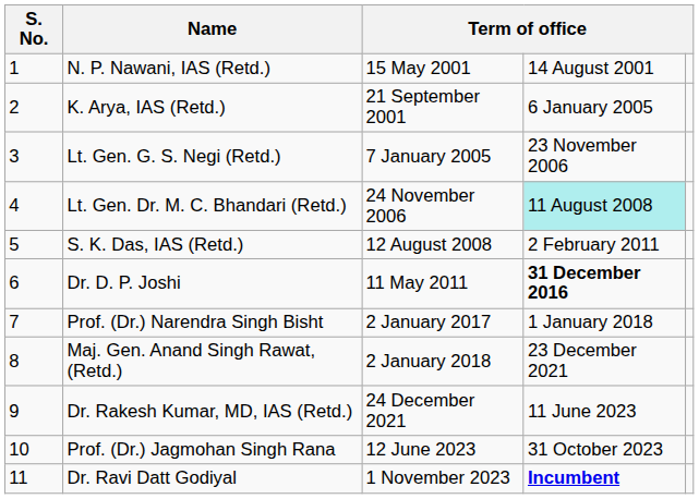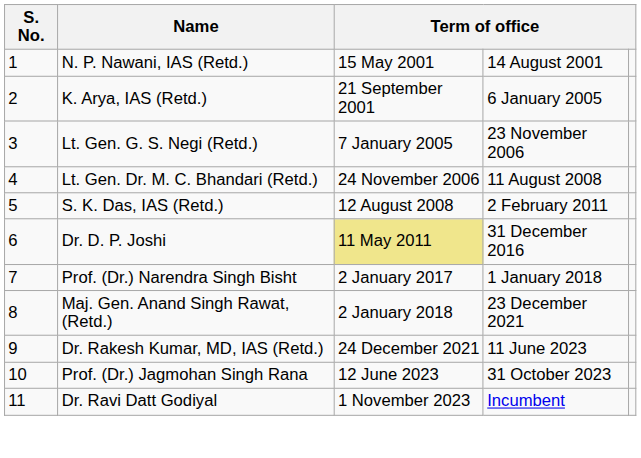 <table class="wikitable" ;">
 <tr>
 <th>S. No.</th>
 <th>Name</th>
 <th colspan="3">Term of office</th>
 </tr>
 <tr>
 <td>1</td>
 <td>N. P. Nawani, IAS (Retd.)</td>
 <td>15 May 2001</td>
 <td>14 August 2001</td>
 <td></td>
 </tr>
 <tr>
 <td>2</td>
 <td>K. Arya, IAS (Retd.)</td>
 <td>21 September 2001</td>
 <td>6 January 2005</td>
 <td></td>
 </tr>
 <tr>
 <td>3</td>
 <td>Lt. Gen. G. S. Negi (Retd.)</td>
 <td>7 January 2005</td>
 <td>23 November 2006</td>
 <td></td>
 </tr>
 <tr>
 <td>4</td>
 <td>Lt. Gen. Dr. M. C. Bhandari (Retd.)</td>
 <td>24 November 2006</td>
-<td style="background: paleturquoise;">11 August 2008</td>
+<td>11 August 2008</td>
 <td></td>
 </tr>
 <tr>
 <td>5</td>
 <td>S. K. Das, IAS (Retd.)</td>
 <td>12 August 2008</td>
 <td>2 February 2011</td>
 <td></td>
 </tr>
 <tr>
 <td>6</td>
 <td>Dr. D. P. Joshi</td>
-<td>11 May 2011</td>
-<td><strong>31 December 2016</strong></td>
+<td style="background: khaki;">11 May 2011</td>
+<td>31 December 2016</td>
 <td></td>
 </tr>
 <tr>
 <td>7</td>
 <td>Prof. (Dr.) Narendra Singh Bisht</td>
 <td>2 January 2017</td>
 <td>1 January 2018</td>
 <td></td>
 </tr>
 <tr>
 <td>8</td>
 <td>Maj. Gen. Anand Singh Rawat, (Retd.)</td>
 <td>2 January 2018</td>
 <td>23 December 2021</td>
 <td></td>
 </tr>
 <tr>
 <td>9</td>
 <td>Dr. Rakesh Kumar, MD, IAS (Retd.)</td>
 <td>24 December 2021</td>
 <td>11 June 2023</td>
 <td></td>
 </tr>
 <tr>
 <td>10</td>
 <td>Prof. (Dr.) Jagmohan Singh Rana</td>
 <td>12 June 2023</td>
 <td>31 October 2023</td>
 <td></td>
 </tr>
 <tr>
 <td>11</td>
 <td>Dr. Ravi Datt Godiyal</td>
 <td>1 November 2023</td>
-<td><strong><a href='#'>Incumbent</a></strong></td>
+<td><a href='#'>Incumbent</a></td>
 <td></td>
 </tr>
 </table>
